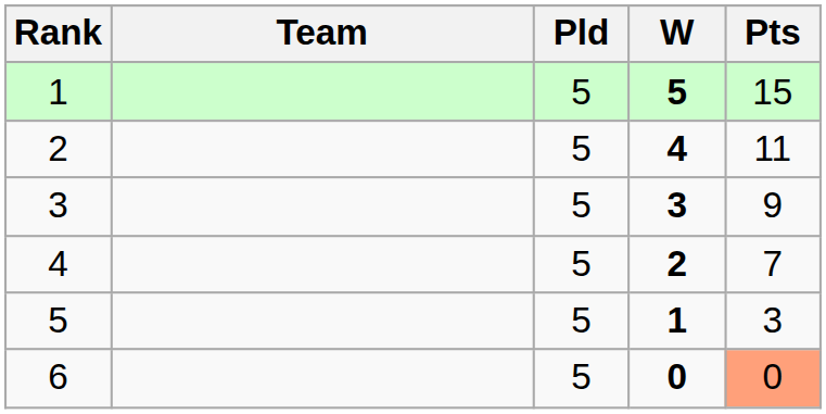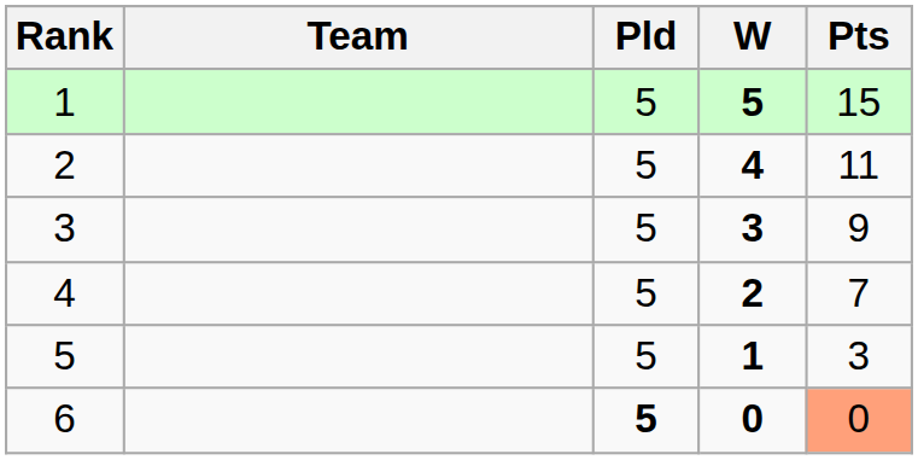 <table class="wikitable">
 <tr>
 </tr>
 <tr>
 <th style="width:35px;">Rank</th>
 <th style="width:180px;">Team</th>
 <th style="width:35px;">Pld</th>
 <th style="width:35px;">W</th>
 <th style="width:35px;">Pts</th>
 </tr>
 <tr bgcolor=#ccffcc>
 <td align=center>1</td>
 <td></td>
 <td align=center>5</td>
 <td align=center><strong>5</strong></td>
 <td align=center>15</td>
 </tr>
 <tr>
 <td align=center>2</td>
 <td></td>
 <td align=center>5</td>
 <td align=center><strong>4</strong></td>
 <td align=center>11</td>
 </tr>
 <tr>
 <td align=center>3</td>
 <td></td>
 <td align=center>5</td>
 <td align=center><strong>3</strong></td>
 <td align=center>9</td>
 </tr>
 <tr>
 <td align=center>4</td>
 <td></td>
 <td align=center>5</td>
 <td align=center><strong>2</strong></td>
 <td align=center>7</td>
 </tr>
 <tr>
 <td align=center>5</td>
 <td></td>
 <td align=center>5</td>
 <td align=center><strong>1</strong></td>
 <td align=center>3</td>
 </tr>
 <tr>
 <td align=center>6</td>
 <td></td>
-<td align=center>5</td>
+<td align=center><strong>5</strong></td>
 <td align=center><strong>0</strong></td>
 <td align=center style="background: lightsalmon;">0</td>
 </tr>
 </table>
